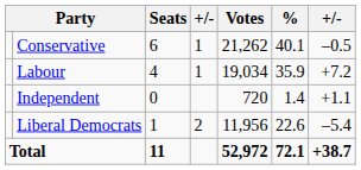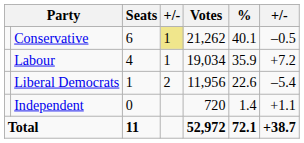 <table class="wikitable sortable">
 <tr>
 <th colspan="2">Party</th>
 <th>Seats</th>
 <th>+/-</th>
 <th>Votes</th>
 <th>%</th>
 <th>+/-</th>
 </tr>
 <tr>
 <td style="background-color: "></td>
 <td><a href='#'>Conservative</a></td>
 <td>6</td>
-<td> 1</td>
+<td style="background: khaki;"> 1</td>
 <td style="text-align:right;">21,262</td>
 <td style="text-align:right;">40.1</td>
 <td style="text-align:right;">–0.5</td>
 </tr>
 <tr>
 <td style="background-color: "></td>
 <td><a href='#'>Labour</a></td>
 <td>4</td>
 <td> 1</td>
 <td style="text-align:right;">19,034</td>
 <td style="text-align:right;">35.9</td>
 <td style="text-align:right;">+7.2</td>
 </tr>
 <tr>
 <td style="background-color: "></td>
+<td><a href='#'>Liberal Democrats</a></td>
+<td>1</td>
+<td> 2</td>
+<td style="text-align:right;">11,956</td>
+<td style="text-align:right;">22.6</td>
+<td style="text-align:right;">–5.4</td>
+</tr>
+<tr>
+<td style="background-color: "></td>
 <td><a href='#'>Independent</a></td>
 <td>0</td>
 <td></td>
 <td style="text-align:right;">720</td>
 <td style="text-align:right;">1.4</td>
 <td style="text-align:right;">+1.1</td>
-</tr>
-<tr>
-<td style="background-color: "></td>
-<td><a href='#'>Liberal Democrats</a></td>
-<td>1</td>
-<td> 2</td>
-<td style="text-align:right;">11,956</td>
-<td style="text-align:right;">22.6</td>
-<td style="text-align:right;">–5.4</td>
 </tr>
 <tr>
 <td colspan="2"><strong>Total</strong></td>
 <td><strong>11</strong></td>
 <td></td>
 <td style="text-align:right;"><strong>52,972</strong></td>
 <td style="text-align:right;"><strong>72.1</strong></td>
 <td style="text-align:right;"><strong>+38.7</strong></td>
 </tr>
 </table>
